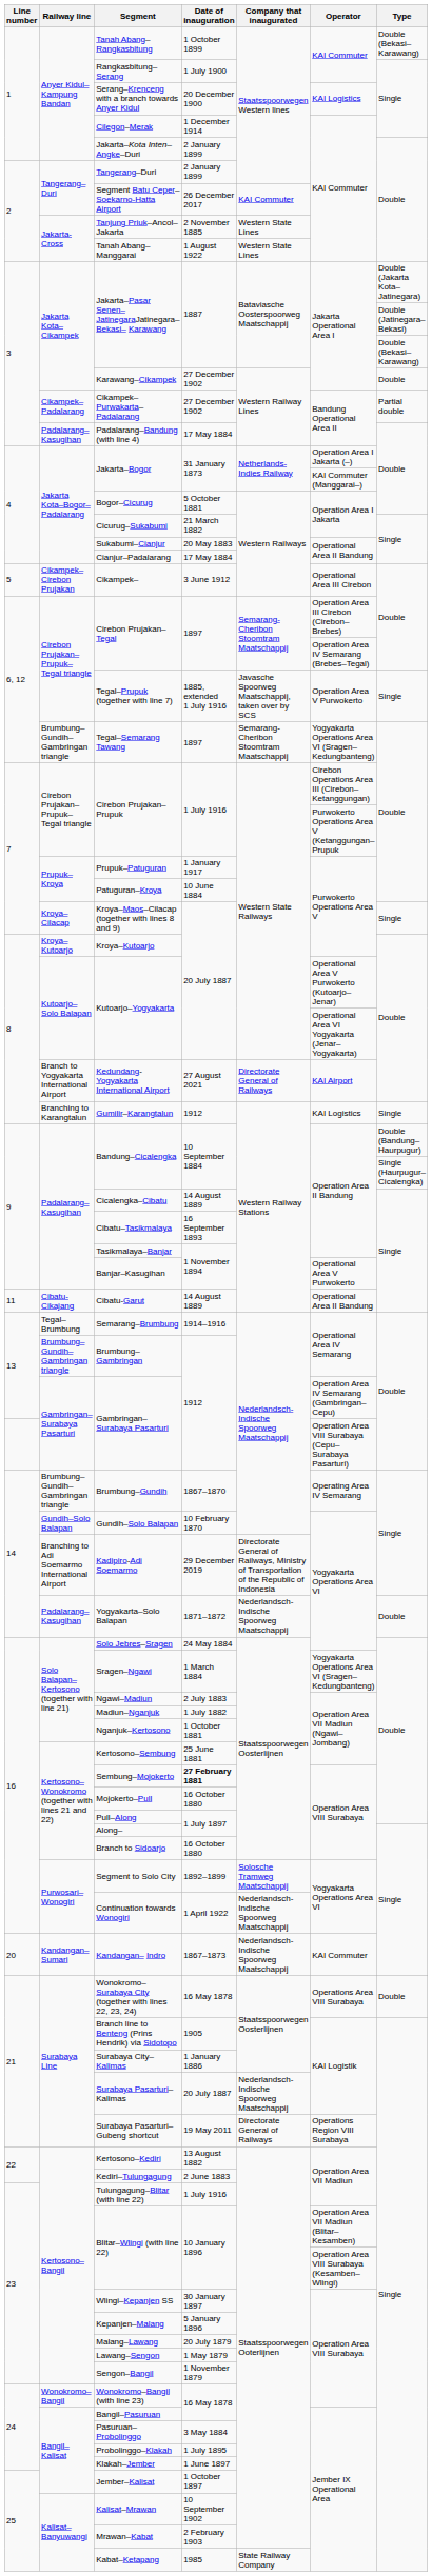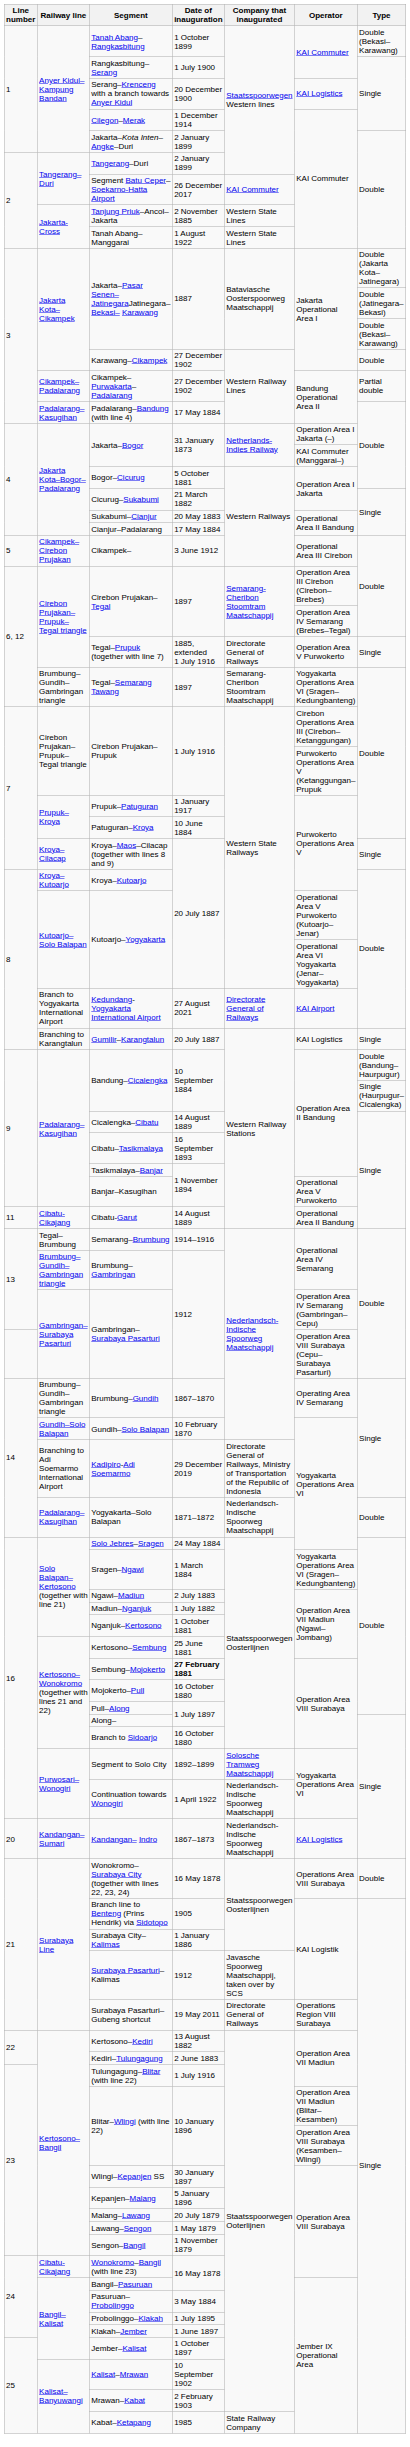 <table class="wikitable">
 <tr>
 <th>Line number</th>
 <th>Railway line</th>
 <th>Segment</th>
 <th>Date of inauguration</th>
 <th>Company that inaugurated</th>
 <th>Operator</th>
 <th>Type</th>
 </tr>
 <tr>
 <td rowspan="5">1</td>
 <td rowspan="5"><a href='#'>Anyer Kidul–Kampung Bandan</a></td>
 <td><a href='#'>Tanah Abang</a>–<a href='#'>Rangkasbitung</a></td>
 <td>1 October 1899</td>
 <td rowspan="6"><a href='#'>Staatsspoorwegen</a> Western lines</td>
 <td rowspan="2"><a href='#'>KAI Commuter</a></td>
 <td>Double (Bekasi–Karawang)</td>
 </tr>
 <tr>
 <td>Rangkasbitung–<a href='#'>Serang</a></td>
 <td>1 July 1900</td>
 <td rowspan="3">Single</td>
 </tr>
 <tr>
 <td>Serang–<a href='#'>Krenceng</a> with a branch towards <a href='#'>Anyer Kidul</a></td>
 <td>20 December 1900</td>
 <td><a href='#'>KAI Logistics</a></td>
 </tr>
 <tr>
 <td><a href='#'>Cilegon</a>–<a href='#'>Merak</a></td>
 <td>1 December 1914</td>
 <td rowspan="6">KAI Commuter</td>
 </tr>
 <tr>
 <td>Jakarta–<em>Kota Inten</em>–<a href='#'>Angke</a>–Duri</td>
 <td>2 January 1899</td>
 <td rowspan="5">Double</td>
 </tr>
 <tr>
 <td rowspan="4">2</td>
 <td rowspan="2"><a href='#'>Tangerang–Duri</a></td>
 <td><a href='#'>Tangerang</a>–Duri</td>
 <td>2 January 1899</td>
 </tr>
 <tr>
 <td>Segment <a href='#'>Batu Ceper</a>–<a href='#'>Soekarno-Hatta Airport</a></td>
 <td>26 December 2017</td>
 <td><a href='#'>KAI Commuter</a></td>
 </tr>
 <tr>
 <td rowspan="2"><a href='#'>Jakarta-Cross</a></td>
 <td><a href='#'>Tanjung Priuk</a>–Ancol–Jakarta</td>
 <td>2 November 1885</td>
 <td>Western State Lines</td>
 </tr>
 <tr>
 <td>Tanah Abang–Manggarai</td>
 <td>1 August 1922</td>
 <td>Western State Lines</td>
 </tr>
 <tr>
 <td rowspan="6">3</td>
 <td rowspan="4"><a href='#'>Jakarta Kota–Cikampek</a></td>
 <td rowspan="3">Jakarta–<a href='#'>Pasar Senen–Jatinegara</a>Jatinegara–<a href='#'>Bekasi–</a> <a href='#'>Karawang</a></td>
 <td rowspan="3">1887</td>
 <td rowspan="3">Bataviasche Oosterspoorweg Maatschappij</td>
 <td rowspan="4">Jakarta Operational Area I</td>
 <td>Double (Jakarta Kota–Jatinegara)</td>
 </tr>
 <tr>
 <td>Double (Jatinegara–Bekasi)</td>
 </tr>
 <tr>
 <td>Double (Bekasi–Karawang)</td>
 </tr>
 <tr>
 <td>Karawang–<a href='#'>Cikampek</a></td>
 <td>27 December 1902</td>
 <td rowspan="3">Western Railway Lines</td>
 <td>Double</td>
 </tr>
 <tr>
 <td><a href='#'>Cikampek–Padalarang</a></td>
 <td>Cikampek–<a href='#'>Purwakarta</a>–<a href='#'>Padalarang</a></td>
 <td>27 December 1902</td>
 <td rowspan="2">Bandung Operational Area II</td>
 <td>Partial double</td>
 </tr>
 <tr>
 <td><a href='#'>Padalarang–Kasugihan</a></td>
 <td>Padalarang–<a href='#'>Bandung</a> (with line 4)</td>
 <td>17 May 1884</td>
 <td rowspan="4">Double</td>
 </tr>
 <tr>
 <td rowspan="6">4</td>
 <td rowspan="6"><a href='#'>Jakarta Kota–Bogor–Padalarang</a></td>
 <td rowspan="2">Jakarta–<a href='#'>Bogor</a></td>
 <td rowspan="2">31 January 1873</td>
 <td rowspan="2"><a href='#'>Netherlands-Indies Railway</a></td>
 <td>Operation Area I Jakarta (–)</td>
 </tr>
 <tr>
 <td>KAI Commuter (Manggarai–)</td>
 </tr>
 <tr>
 <td>Bogor–<a href='#'>Cicurug</a></td>
 <td>5 October 1881</td>
 <td rowspan="5">Western Railways</td>
 <td rowspan="2">Operation Area I Jakarta</td>
 </tr>
 <tr>
 <td>Cicurug–<a href='#'>Sukabumi</a></td>
 <td>21 March 1882</td>
 <td rowspan="3">Single</td>
 </tr>
 <tr>
 <td>Sukabumi–<a href='#'>Cianjur</a></td>
 <td>20 May 1883</td>
 <td rowspan="2">Operational Area II Bandung</td>
 </tr>
 <tr>
 <td>Cianjur–Padalarang</td>
 <td>17 May 1884</td>
 </tr>
 <tr>
 <td>5</td>
 <td><a href='#'>Cikampek–Cirebon Prujakan</a></td>
 <td>Cikampek–</td>
 <td>3 June 1912</td>
 <td>Operational Area III Cirebon</td>
 <td rowspan="3">Double</td>
 </tr>
 <tr>
 <td rowspan="4">6, 12</td>
 <td rowspan="3"><a href='#'>Cirebon Prujakan–Prupuk–Tegal triangle</a></td>
 <td rowspan="2">Cirebon Prujakan–<a href='#'>Tegal</a></td>
 <td rowspan="2">1897</td>
 <td rowspan="2"><a href='#'>Semarang-Cheribon Stoomtram Maatschappij</a></td>
 <td>Operation Area III Cirebon (Cirebon–Brebes)</td>
 </tr>
 <tr>
 <td>Operation Area IV Semarang (Brebes–Tegal)</td>
 </tr>
 <tr>
 <td>Tegal–<a href='#'>Prupuk</a> (together with line 7)</td>
 <td>1885, extended<br>1 July 1916</td>
-<td>Javasche Spoorweg Maatschappij, taken over by SCS</td>
+<td>Directorate General of Railways</td>
 <td>Operation Area V Purwokerto</td>
 <td>Single</td>
 </tr>
 <tr>
 <td>Brumbung–Gundih–Gambringan triangle</td>
 <td>Tegal–<a href='#'>Semarang Tawang</a></td>
 <td>1897</td>
 <td>Semarang-Cheribon Stoomtram Maatschappij</td>
 <td>Yogyakarta Operations Area VI (Sragen–Kedungbanteng)</td>
 <td rowspan="5">Double</td>
 </tr>
 <tr>
 <td rowspan="5">7</td>
 <td rowspan="2">Cirebon Prujakan–Prupuk–Tegal triangle</td>
 <td rowspan="2">Cirebon Prujakan–Prupuk</td>
 <td rowspan="2">1 July 1916</td>
 <td rowspan="8">Western State Railways</td>
 <td>Cirebon Operations Area III (Cirebon–Ketanggungan)</td>
 </tr>
 <tr>
 <td>Purwokerto Operations Area V (Ketanggungan–Prupuk</td>
 </tr>
 <tr>
 <td rowspan="2"><a href='#'>Prupuk–Kroya</a></td>
 <td>Prupuk–<a href='#'>Patuguran</a></td>
 <td>1 January 1917</td>
 <td rowspan="4">Purwokerto Operations Area V</td>
 </tr>
 <tr>
 <td>Patuguran–<a href='#'>Kroya</a></td>
 <td>10 June 1884</td>
 </tr>
 <tr>
 <td><a href='#'>Kroya–Cilacap</a></td>
 <td>Kroya–<a href='#'>Maos</a>–Cilacap (together with lines 8 and 9)</td>
 <td rowspan="4">20 July 1887</td>
 <td>Single</td>
 </tr>
 <tr>
 <td rowspan="5">8</td>
 <td><a href='#'>Kroya–Kutoarjo</a></td>
 <td>Kroya–<a href='#'>Kutoarjo</a></td>
 <td rowspan="4">Double</td>
 </tr>
 <tr>
 <td rowspan="2"><a href='#'>Kutoarjo–Solo Balapan</a></td>
 <td rowspan="2">Kutoarjo–<a href='#'>Yogyakarta</a></td>
 <td>Operational Area V Purwokerto (Kutoarjo–Jenar)</td>
 </tr>
 <tr>
 <td>Operational Area VI Yogyakarta (Jenar–Yogyakarta)</td>
 </tr>
 <tr>
 <td>Branch to Yogyakarta International Airport</td>
 <td><a href='#'>Kedundang</a>-<a href='#'>Yogyakarta International Airport</a></td>
 <td>27 August 2021</td>
 <td><a href='#'>Directorate General of Railways</a></td>
 <td><a href='#'>KAI Airport</a></td>
 </tr>
 <tr>
 <td>Branching to Karangtalun</td>
 <td><a href='#'>Gumilir</a>–<a href='#'>Karangtalun</a></td>
-<td>1912</td>
+<td>20 July 1887</td>
 <td rowspan="8">Western Railway Stations</td>
 <td>KAI Logistics</td>
 <td>Single</td>
 </tr>
 <tr>
 <td rowspan="6">9</td>
 <td rowspan="6"><a href='#'>Padalarang–Kasugihan</a></td>
 <td rowspan="2">Bandung–<a href='#'>Cicalengka</a></td>
 <td rowspan="2">10 September 1884</td>
 <td rowspan="5">Operation Area II Bandung</td>
 <td>Double (Bandung–Haurpugur)</td>
 </tr>
 <tr>
 <td>Single (Haurpugur–Cicalengka)</td>
 </tr>
 <tr>
 <td>Cicalengka–<a href='#'>Cibatu</a></td>
 <td>14 August 1889</td>
 <td rowspan="5">Single</td>
 </tr>
 <tr>
 <td>Cibatu–<a href='#'>Tasikmalaya</a></td>
 <td>16 September 1893</td>
 </tr>
 <tr>
 <td>Tasikmalaya–<a href='#'>Banjar</a></td>
 <td rowspan="2">1 November 1894</td>
 </tr>
 <tr>
 <td>Banjar–Kasugihan</td>
 <td>Operational Area V Purwokerto</td>
 </tr>
 <tr>
 <td>11</td>
 <td><a href='#'>Cibatu-Cikajang</a></td>
 <td>Cibatu-<a href='#'>Garut</a></td>
 <td>14 August 1889</td>
 <td>Operational Area II Bandung</td>
 </tr>
 <tr>
 <td rowspan="3">13</td>
 <td>Tegal–Brumbung</td>
 <td>Semarang–<a href='#'>Brumbung</a></td>
 <td>1914–1916</td>
 <td rowspan="6"><a href='#'>Nederlandsch-Indische Spoorweg Maatschappij</a></td>
 <td rowspan="2">Operational Area IV Semarang</td>
 <td rowspan="4">Double</td>
 </tr>
 <tr>
 <td><a href='#'>Brumbung–Gundih–Gambringan triangle</a></td>
 <td>Brumbung–<a href='#'>Gambringan</a></td>
 <td rowspan="3">1912</td>
 </tr>
 <tr>
 <td rowspan="2"><a href='#'>Gambringan–Surabaya Pasarturi</a></td>
 <td rowspan="2">Gambringan–<a href='#'>Surabaya Pasarturi</a></td>
 <td>Operation Area IV Semarang (Gambringan–Cepu)</td>
 </tr>
 <tr>
 <td></td>
 <td>Operation Area VIII Surabaya (Cepu–Surabaya Pasarturi)</td>
 </tr>
 <tr>
 <td rowspan="4">14</td>
 <td>Brumbung–Gundih–Gambringan triangle</td>
 <td>Brumbung–<a href='#'>Gundih</a></td>
 <td>1867–1870</td>
 <td>Operating Area IV Semarang</td>
 <td rowspan="3">Single</td>
 </tr>
 <tr>
 <td><a href='#'>Gundih–Solo Balapan</a></td>
 <td>Gundih–<a href='#'>Solo Balapan</a></td>
 <td>10 February 1870</td>
 <td rowspan="4">Yogyakarta Operations Area VI</td>
 </tr>
 <tr>
 <td>Branching to Adi Soemarmo International Airport</td>
 <td><a href='#'>Kadipiro</a>-<a href='#'>Adi Soemarmo</a></td>
 <td>29 December 2019</td>
 <td>Directorate General of Railways, Ministry of Transportation of the Republic of Indonesia</td>
 </tr>
 <tr>
 <td><a href='#'>Padalarang–Kasugihan</a></td>
 <td>Yogyakarta–Solo Balapan</td>
 <td>1871–1872</td>
 <td>Nederlandsch-Indische Spoorweg Maatschappij</td>
 <td>Double</td>
 </tr>
 <tr>
 <td rowspan="14">16</td>
 <td rowspan="6"><a href='#'>Solo Balapan–Kertosono</a> (together with line 21)</td>
 <td><a href='#'>Solo Jebres</a>–<a href='#'>Sragen</a></td>
 <td>24 May 1884</td>
 <td rowspan="12">Staatsspoorwegen Oosterlijnen</td>
 <td rowspan="10">Double</td>
 </tr>
 <tr>
 <td rowspan="2">Sragen–<a href='#'>Ngawi</a></td>
 <td rowspan="2">1 March 1884</td>
 <td>Yogyakarta Operations Area VI (Sragen–Kedungbanteng)</td>
 </tr>
 <tr>
 <td rowspan="5">Operation Area VII Madiun (Ngawi–Jombang)</td>
 </tr>
 <tr>
 <td>Ngawi–<a href='#'>Madiun</a></td>
 <td>2 July 1883</td>
 </tr>
 <tr>
 <td>Madiun–<a href='#'>Nganjuk</a></td>
 <td>1 July 1882</td>
 </tr>
 <tr>
 <td>Nganjuk–<a href='#'>Kertosono</a></td>
 <td>1 October 1881</td>
 </tr>
 <tr>
 <td rowspan="6"><a href='#'>Kertosono–Wonokromo</a> (together with lines 21 and 22)</td>
 <td>Kertosono–<a href='#'>Sembung</a></td>
 <td>25 June 1881</td>
 </tr>
 <tr>
 <td>Sembung–<a href='#'>Mojokerto</a></td>
 <td><strong>27 February 1881</strong></td>
 <td rowspan="5">Operation Area VIII Surabaya</td>
 </tr>
 <tr>
 <td>Mojokerto–<a href='#'>Pull</a></td>
 <td>16 October 1880</td>
 </tr>
 <tr>
 <td>Pull–<a href='#'>Along</a></td>
 <td rowspan="2">1 July 1897</td>
 </tr>
 <tr>
 <td>Along–</td>
 <td rowspan="5">Single</td>
 </tr>
 <tr>
 <td>Branch to <a href='#'>Sidoarjo</a></td>
 <td>16 October 1880</td>
 </tr>
 <tr>
 <td rowspan="2"><a href='#'>Purwosari–Wonogiri</a></td>
 <td>Segment to Solo City</td>
 <td>1892–1899</td>
 <td><a href='#'>Solosche Tramweg Maatschappij</a></td>
 <td rowspan="2">Yogyakarta Operations Area VI</td>
 </tr>
 <tr>
 <td>Continuation towards <a href='#'>Wonogiri</a></td>
 <td>1 April 1922</td>
 <td>Nederlandsch-Indische Spoorweg Maatschappij</td>
 </tr>
 <tr>
 <td>20</td>
 <td><a href='#'>Kandangan–Sumari</a></td>
 <td><a href='#'>Kandangan–</a> <a href='#'>Indro</a></td>
 <td>1867–1873</td>
 <td>Nederlandsch-Indische Spoorweg Maatschappij</td>
-<td>KAI Commuter</td>
+<td><a href='#'>KAI Logistics</a></td>
 </tr>
 <tr>
 <td rowspan="5">21</td>
 <td rowspan="5"><a href='#'>Surabaya Line</a></td>
 <td>Wonokromo–<a href='#'>Surabaya City</a> (together with lines 22, 23, 24)</td>
 <td>16 May 1878</td>
 <td rowspan="3">Staatsspoorwegen Oosterlijnen</td>
 <td>Operations Area VIII Surabaya</td>
 <td>Double</td>
 </tr>
 <tr>
 <td>Branch line to <a href='#'>Benteng</a> (Prins Hendrik) via <a href='#'>Sidotopo</a></td>
 <td>1905</td>
 <td rowspan="3">KAI Logistik</td>
 <td rowspan="23">Single</td>
 </tr>
 <tr>
 <td>Surabaya City–<a href='#'>Kalimas</a></td>
 <td>1 January 1886</td>
 </tr>
 <tr>
 <td><a href='#'>Surabaya Pasarturi</a>–Kalimas</td>
-<td>20 July 1887</td>
-<td>Nederlandsch-Indische Spoorweg Maatschappij</td>
+<td>1912</td>
+<td>Javasche Spoorweg Maatschappij, taken over by SCS</td>
 </tr>
 <tr>
 <td>Surabaya Pasarturi–Gubeng shortcut</td>
 <td>19 May 2011</td>
 <td>Directorate General of Railways</td>
 <td>Operations Region VIII Surabaya</td>
 </tr>
 <tr>
 <td rowspan="2">22</td>
 <td rowspan="10"><a href='#'>Kertosono–Bangil</a></td>
 <td>Kertosono–<a href='#'>Kediri</a></td>
 <td>13 August 1882</td>
 <td rowspan="18">Staatsspoorwegen Ooterlijnen</td>
 <td rowspan="3">Operation Area VII Madiun</td>
 </tr>
 <tr>
 <td>Kediri–<a href='#'>Tulungagung</a></td>
 <td>2 June 1883</td>
 </tr>
 <tr>
 <td rowspan="8">23</td>
 <td>Tulungagung–<a href='#'>Blitar</a> (with line 22)</td>
 <td>1 July 1916</td>
 </tr>
 <tr>
 <td rowspan="2">Blitar–<a href='#'>Wlingi</a> (with line 22)</td>
 <td rowspan="2">10 January 1896</td>
 <td>Operation Area VII Madiun (Blitar–Kesamben)</td>
 </tr>
 <tr>
 <td>Operation Area VIII Surabaya (Kesamben–Wlingi)</td>
 </tr>
 <tr>
 <td>Wlingi–<a href='#'>Kepanjen</a> SS</td>
 <td>30 January 1897</td>
 <td rowspan="6">Operation Area VIII Surabaya</td>
 </tr>
 <tr>
 <td>Kepanjen–<a href='#'>Malang</a></td>
 <td>5 January 1896</td>
 </tr>
 <tr>
 <td>Malang–<a href='#'>Lawang</a></td>
 <td>20 July 1879</td>
 </tr>
 <tr>
 <td>Lawang–<a href='#'>Sengon</a></td>
 <td>1 May 1879</td>
 </tr>
 <tr>
 <td>Sengon–<a href='#'>Bangil</a></td>
 <td>1 November 1879</td>
 </tr>
 <tr>
 <td rowspan="5">24</td>
-<td><a href='#'>Wonokromo–Bangil</a></td>
+<td><a href='#'>Cibatu-Cikajang</a></td>
 <td><a href='#'>Wonokromo</a>–<a href='#'>Bangil</a> (with line 23)</td>
 <td rowspan="2">16 May 1878</td>
 </tr>
 <tr>
 <td rowspan="5"><a href='#'>Bangil–Kalisat</a></td>
 <td>Bangil–<a href='#'>Pasuruan</a></td>
 <td rowspan="8">Jember IX Operational Area</td>
 </tr>
 <tr>
 <td>Pasuruan–<a href='#'>Probolinggo</a></td>
 <td>3 May 1884</td>
 </tr>
 <tr>
 <td>Probolinggo–<a href='#'>Klakah</a></td>
 <td>1 July 1895</td>
 </tr>
 <tr>
 <td>Klakah–<a href='#'>Jember</a></td>
 <td>1 June 1897</td>
 </tr>
 <tr>
 <td rowspan="4">25</td>
 <td>Jember–<a href='#'>Kalisat</a></td>
 <td>1 October 1897</td>
 </tr>
 <tr>
 <td rowspan="3"><a href='#'>Kalisat–Banyuwangi</a></td>
 <td><a href='#'>Kalisat</a>–<a href='#'>Mrawan</a></td>
 <td>10 September 1902</td>
 </tr>
 <tr>
 <td>Mrawan–<a href='#'>Kabat</a></td>
 <td>2 February 1903</td>
 </tr>
 <tr>
 <td>Kabat–<a href='#'>Ketapang</a></td>
 <td>1985</td>
 <td>State Railway Company</td>
 </tr>
 </table>
